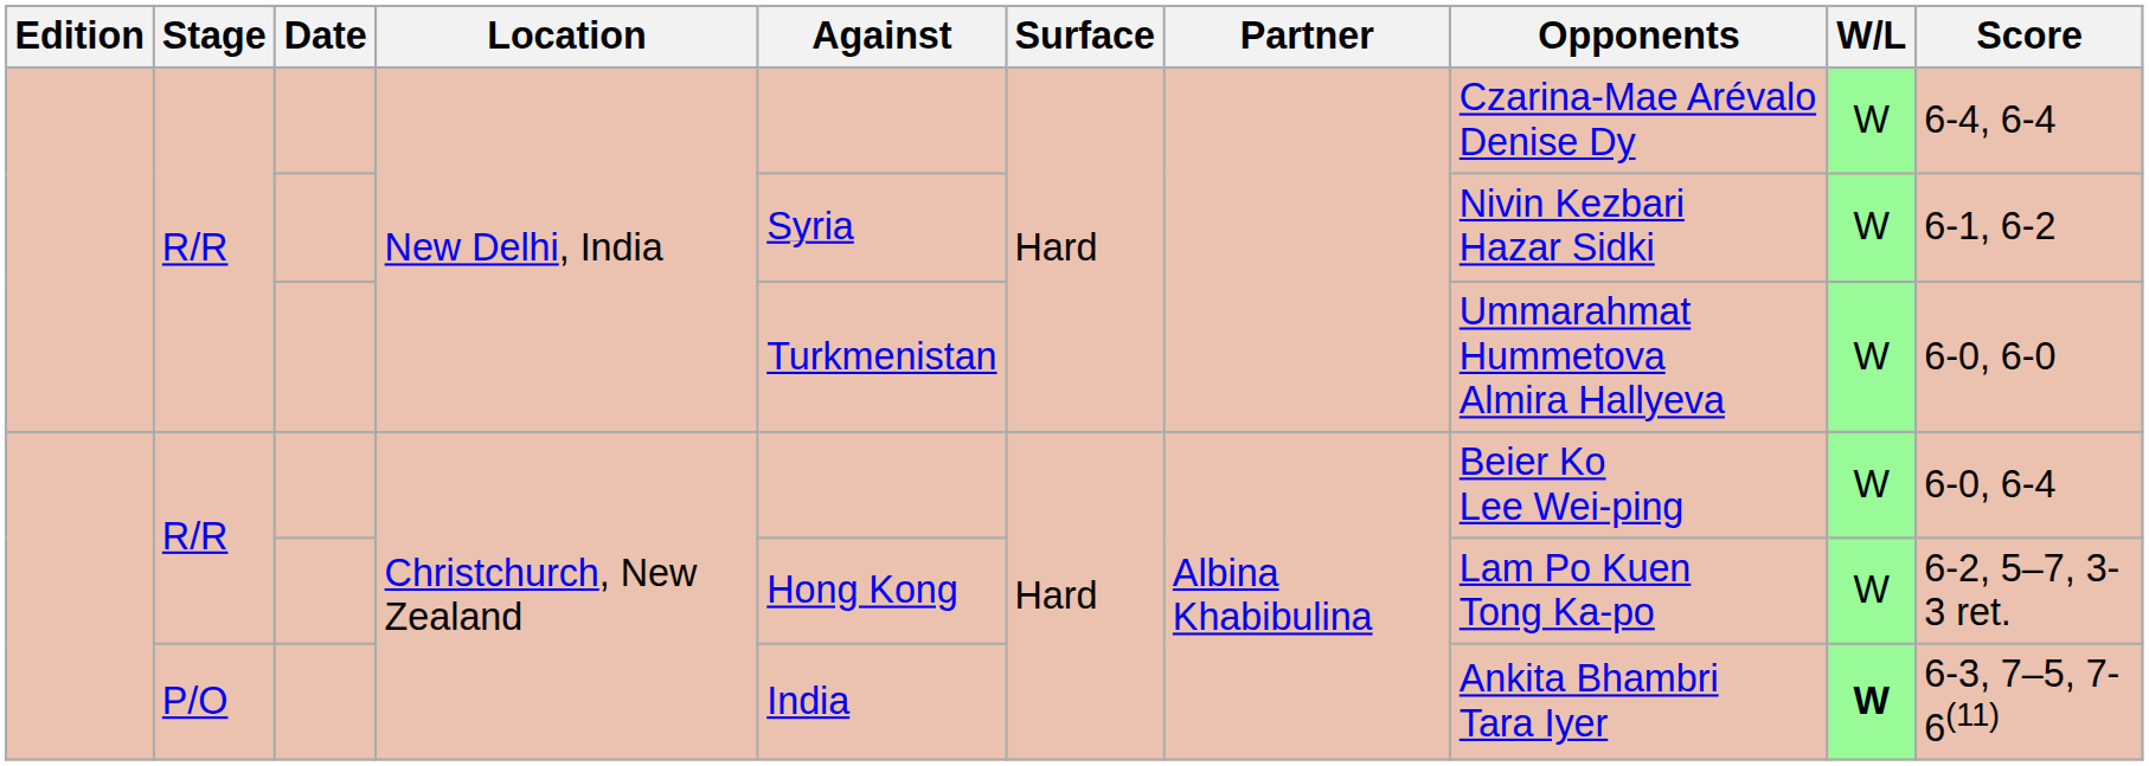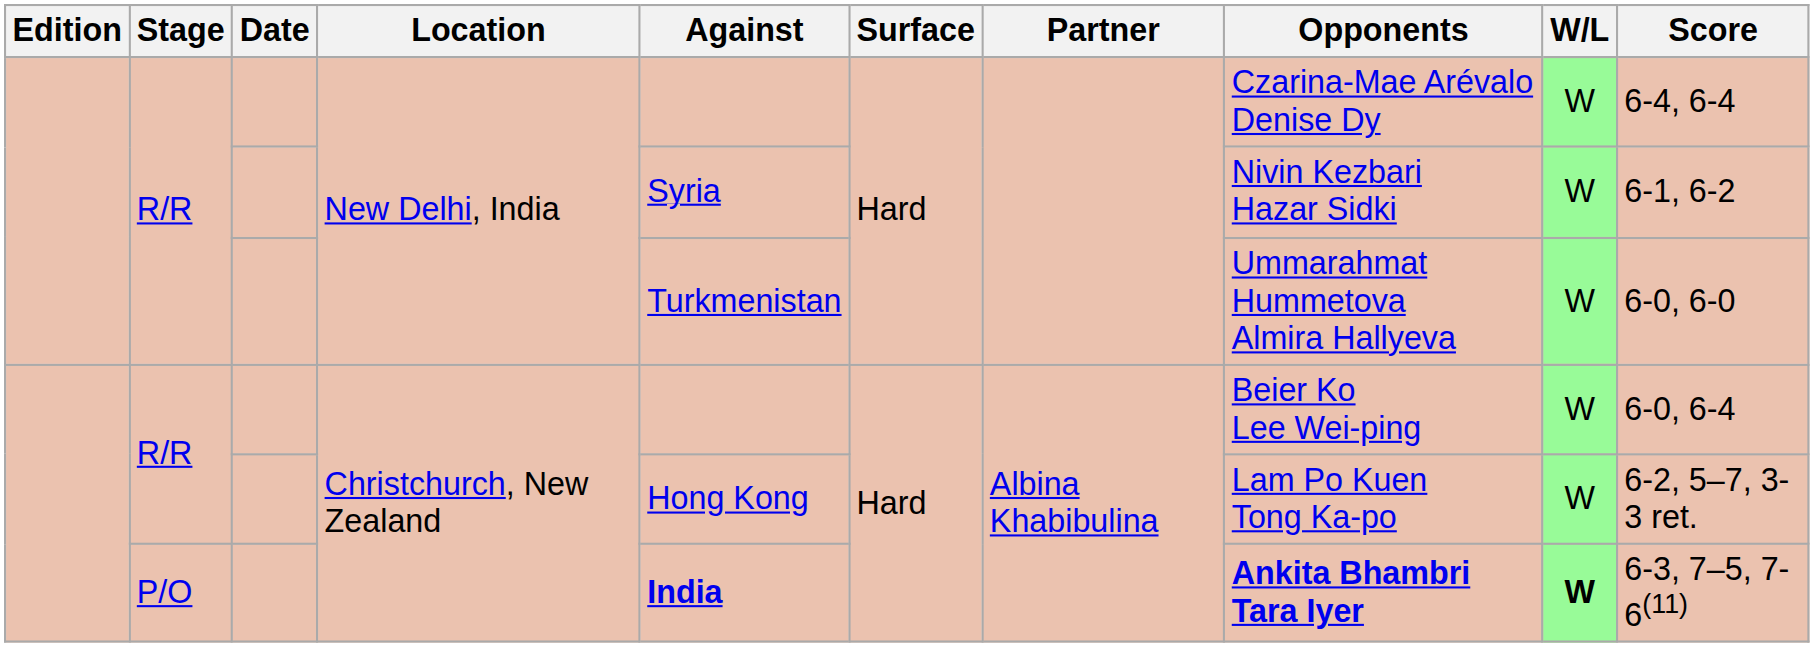 <table class="wikitable" style="font-size:97%">
 <tr>
 <th>Edition</th>
 <th>Stage</th>
 <th>Date</th>
 <th>Location</th>
 <th>Against</th>
 <th>Surface</th>
 <th>Partner</th>
 <th>Opponents</th>
 <th>W/L</th>
 <th>Score</th>
 </tr>
 <tr bgcolor="#EBC2AF">
 <td rowspan="3"></td>
 <td rowspan="3"><a href='#'>R/R</a></td>
 <td></td>
 <td rowspan="3"><a href='#'>New Delhi</a>, India</td>
 <td> </td>
 <td rowspan="3">Hard</td>
 <td rowspan="3"> </td>
 <td> <a href='#'>Czarina-Mae Arévalo</a> <br>  <a href='#'>Denise Dy</a></td>
 <td style="text-align:center; background:#98fb98;">W</td>
 <td>6-4, 6-4</td>
 </tr>
 <tr bgcolor="#EBC2AF">
 <td></td>
 <td> <a href='#'>Syria</a></td>
 <td> <a href='#'>Nivin Kezbari</a> <br>  <a href='#'>Hazar Sidki</a></td>
 <td style="text-align:center; background:#98fb98;">W</td>
 <td>6-1, 6-2</td>
 </tr>
 <tr bgcolor="#EBC2AF">
 <td></td>
 <td> <a href='#'>Turkmenistan</a></td>
 <td> <a href='#'>Ummarahmat Hummetova</a> <br>  <a href='#'>Almira Hallyeva</a></td>
 <td style="text-align:center; background:#98fb98;">W</td>
 <td>6-0, 6-0</td>
 </tr>
 <tr bgcolor="#EBC2AF">
 <td rowspan="3"></td>
 <td rowspan="2"><a href='#'>R/R</a></td>
 <td></td>
 <td rowspan="3"><a href='#'>Christchurch</a>, New Zealand</td>
 <td> </td>
 <td rowspan="3">Hard</td>
 <td rowspan="3"> <a href='#'>Albina Khabibulina</a></td>
 <td> <a href='#'>Beier Ko</a> <br>  <a href='#'>Lee Wei-ping</a></td>
 <td style="text-align:center; background:#98fb98;">W</td>
 <td>6-0, 6-4</td>
 </tr>
 <tr bgcolor="#EBC2AF">
 <td></td>
 <td> <a href='#'>Hong Kong</a></td>
 <td> <a href='#'>Lam Po Kuen</a> <br>  <a href='#'>Tong Ka-po</a></td>
 <td style="text-align:center; background:#98fb98;">W</td>
 <td>6-2, 5–7, 3-3 ret.</td>
 </tr>
 <tr bgcolor="#EBC2AF">
 <td rowspan="1"><a href='#'>P/O</a></td>
 <td></td>
-<td> <a href='#'>India</a></td>
-<td> <a href='#'>Ankita Bhambri</a> <br>  <a href='#'>Tara Iyer</a></td>
+<td><strong> <a href='#'>India</a></strong></td>
+<td><strong> <a href='#'>Ankita Bhambri</a> <br>  <a href='#'>Tara Iyer</a></strong></td>
 <td style="text-align:center; background:#98fb98;"><strong>W</strong></td>
 <td>6-3, 7–5, 7-6<sup>(11)</sup></td>
 </tr>
 </table>
